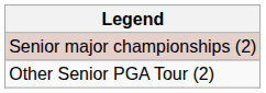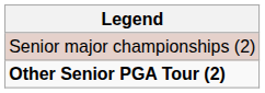 <table class="wikitable" style="font-size:95%;">
 <tr>
 <th>Legend</th>
 </tr>
 <tr style="background:#e5d1cb;">
 <td>Senior major championships (2)</td>
 </tr>
 <tr>
-<td>Other Senior PGA Tour (2)</td>
+<td><strong>Other Senior PGA Tour (2)</strong></td>
 </tr>
 </table>
